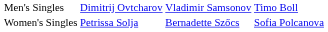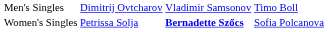 <table>
 <tr>
 <td>Men's Singles <br></td>
 <td> <a href='#'>Dimitrij Ovtcharov</a></td>
 <td> <a href='#'>Vladimir Samsonov</a></td>
 <td> <a href='#'>Timo Boll</a></td>
 </tr>
 <tr>
 <td>Women's Singles <br></td>
 <td> <a href='#'>Petrissa Solja</a></td>
-<td> <a href='#'>Bernadette Szőcs</a></td>
+<td><strong> <a href='#'>Bernadette Szőcs</a></strong></td>
 <td> <a href='#'>Sofia Polcanova</a></td>
 </tr>
 <tr>
 </tr>
 </table>
